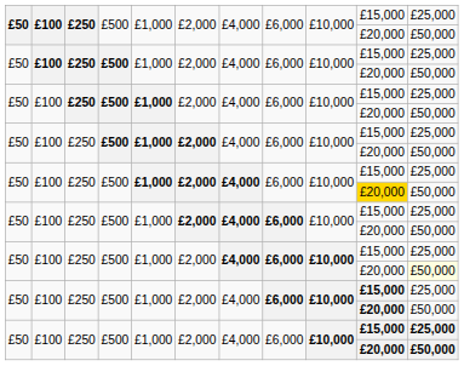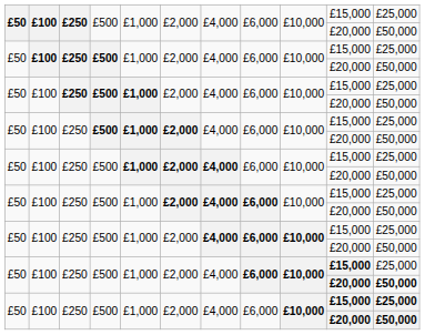 <table class="wikitable">
 <tr>
 <th rowspan="2">£50</th>
 <th rowspan="2">£100</th>
 <th rowspan="2">£250</th>
 <td rowspan="2">£500</td>
 <td rowspan="2">£1,000</td>
 <td rowspan="2">£2,000</td>
 <td rowspan="2">£4,000</td>
 <td rowspan="2">£6,000</td>
 <td rowspan="2">£10,000</td>
 <td>£15,000</td>
 <td>£25,000</td>
 </tr>
 <tr>
 <td>£20,000</td>
 <td>£50,000</td>
 </tr>
 <tr>
 <td rowspan="2">£50</td>
 <th rowspan="2">£100</th>
 <th rowspan="2">£250</th>
 <th rowspan="2">£500</th>
 <td rowspan="2">£1,000</td>
 <td rowspan="2">£2,000</td>
 <td rowspan="2">£4,000</td>
 <td rowspan="2">£6,000</td>
 <td rowspan="2">£10,000</td>
 <td>£15,000</td>
 <td>£25,000</td>
 </tr>
 <tr>
 <td>£20,000</td>
 <td>£50,000</td>
 </tr>
 <tr>
 <td rowspan="2">£50</td>
 <td rowspan="2">£100</td>
 <th rowspan="2">£250</th>
 <th rowspan="2">£500</th>
 <th rowspan="2">£1,000</th>
 <td rowspan="2">£2,000</td>
 <td rowspan="2">£4,000</td>
 <td rowspan="2">£6,000</td>
 <td rowspan="2">£10,000</td>
 <td>£15,000</td>
 <td>£25,000</td>
 </tr>
 <tr>
 <td>£20,000</td>
 <td>£50,000</td>
 </tr>
 <tr>
 <td rowspan="2">£50</td>
 <td rowspan="2">£100</td>
 <td rowspan="2">£250</td>
 <th rowspan="2">£500</th>
 <th rowspan="2">£1,000</th>
 <th rowspan="2">£2,000</th>
 <td rowspan="2">£4,000</td>
 <td rowspan="2">£6,000</td>
 <td rowspan="2">£10,000</td>
 <td>£15,000</td>
 <td>£25,000</td>
 </tr>
 <tr>
 <td>£20,000</td>
 <td>£50,000</td>
 </tr>
 <tr>
 <td rowspan="2">£50</td>
 <td rowspan="2">£100</td>
 <td rowspan="2">£250</td>
 <td rowspan="2">£500</td>
 <th rowspan="2">£1,000</th>
 <th rowspan="2">£2,000</th>
 <th rowspan="2">£4,000</th>
 <td rowspan="2">£6,000</td>
 <td rowspan="2">£10,000</td>
 <td>£15,000</td>
 <td>£25,000</td>
 </tr>
 <tr>
-<td style="background: gold;">£20,000</td>
+<td>£20,000</td>
 <td>£50,000</td>
 </tr>
 <tr>
 <td rowspan="2">£50</td>
 <td rowspan="2">£100</td>
 <td rowspan="2">£250</td>
 <td rowspan="2">£500</td>
 <td rowspan="2">£1,000</td>
 <th rowspan="2">£2,000</th>
 <th rowspan="2">£4,000</th>
 <th rowspan="2">£6,000</th>
 <td rowspan="2">£10,000</td>
 <td>£15,000</td>
 <td>£25,000</td>
 </tr>
 <tr>
 <td>£20,000</td>
 <td>£50,000</td>
 </tr>
 <tr>
 <td rowspan="2">£50</td>
 <td rowspan="2">£100</td>
 <td rowspan="2">£250</td>
 <td rowspan="2">£500</td>
 <td rowspan="2">£1,000</td>
 <td rowspan="2">£2,000</td>
 <th rowspan="2">£4,000</th>
 <th rowspan="2">£6,000</th>
 <th rowspan="2">£10,000</th>
 <td>£15,000</td>
 <td>£25,000</td>
 </tr>
 <tr>
 <td>£20,000</td>
-<td style="background: lightyellow;">£50,000</td>
+<td>£50,000</td>
 </tr>
 <tr>
 <td rowspan="2">£50</td>
 <td rowspan="2">£100</td>
 <td rowspan="2">£250</td>
 <td rowspan="2">£500</td>
 <td rowspan="2">£1,000</td>
 <td rowspan="2">£2,000</td>
 <td rowspan="2">£4,000</td>
 <th rowspan="2">£6,000</th>
 <th rowspan="2">£10,000</th>
 <th>£15,000</th>
 <td>£25,000</td>
 </tr>
 <tr>
 <th>£20,000</th>
-<td>£50,000</td>
+<td><strong>£50,000</strong></td>
 </tr>
 <tr>
 <td rowspan="2">£50</td>
 <td rowspan="2">£100</td>
 <td rowspan="2">£250</td>
 <td rowspan="2">£500</td>
 <td rowspan="2">£1,000</td>
 <td rowspan="2">£2,000</td>
 <td rowspan="2">£4,000</td>
 <td rowspan="2">£6,000</td>
 <th rowspan="2">£10,000</th>
 <th>£15,000</th>
 <th>£25,000</th>
 </tr>
 <tr>
 <th>£20,000</th>
 <th>£50,000</th>
 </tr>
 </table>
